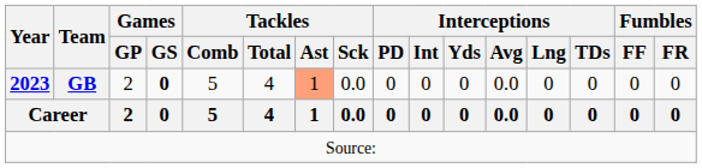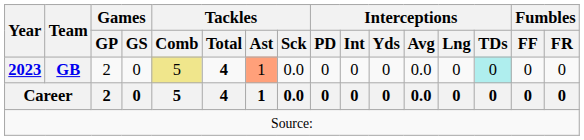 <table class="wikitable" style="text-align: center;">
 <tr>
 <th rowspan="2">Year</th>
 <th rowspan="2">Team</th>
 <th colspan="2">Games</th>
 <th colspan="4">Tackles</th>
 <th colspan="6">Interceptions</th>
 <th colspan="2">Fumbles</th>
 </tr>
 <tr>
 <th>GP</th>
 <th>GS</th>
 <th>Comb</th>
 <th>Total</th>
 <th>Ast</th>
 <th>Sck</th>
 <th>PD</th>
 <th>Int</th>
 <th>Yds</th>
 <th>Avg</th>
 <th>Lng</th>
 <th>TDs</th>
 <th>FF</th>
 <th>FR</th>
 </tr>
 <tr>
 <th><a href='#'>2023</a></th>
 <th><a href='#'>GB</a></th>
 <td>2</td>
-<td><strong>0</strong></td>
-<td>5</td>
-<td>4</td>
+<td>0</td>
+<td style="background: khaki;">5</td>
+<td><strong>4</strong></td>
 <td style="background: lightsalmon;">1</td>
 <td>0.0</td>
 <td>0</td>
 <td>0</td>
 <td>0</td>
 <td>0.0</td>
 <td>0</td>
-<td>0</td>
+<td style="background: paleturquoise;">0</td>
 <td>0</td>
 <td>0</td>
 </tr>
 <tr>
 <th colspan="2">Career</th>
 <th>2</th>
 <th>0</th>
 <th>5</th>
 <th>4</th>
 <th>1</th>
 <th>0.0</th>
 <th>0</th>
 <th>0</th>
 <th>0</th>
 <th>0.0</th>
 <th>0</th>
 <th>0</th>
 <th>0</th>
 <th>0</th>
 </tr>
 <tr>
 <td colspan="18"><small>Source: </small></td>
 </tr>
 </table>
